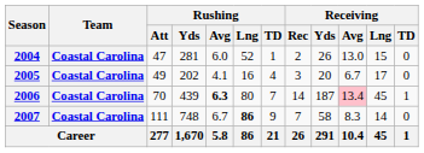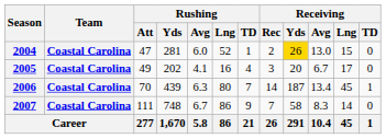 <table class="wikitable" style="text-align:center;">
 <tr>
 <th rowspan="2">Season</th>
 <th rowspan="2">Team</th>
 <th colspan="5">Rushing</th>
 <th colspan="5">Receiving</th>
 </tr>
 <tr>
 <th>Att</th>
 <th>Yds</th>
 <th>Avg</th>
 <th>Lng</th>
 <th>TD</th>
 <th>Rec</th>
 <th>Yds</th>
 <th>Avg</th>
 <th>Lng</th>
 <th>TD</th>
 </tr>
 <tr>
 <th><a href='#'>2004</a></th>
 <th><a href='#'>Coastal Carolina</a></th>
 <td>47</td>
 <td>281</td>
 <td>6.0</td>
 <td>52</td>
 <td>1</td>
 <td>2</td>
-<td>26</td>
+<td style="background: gold;">26</td>
 <td>13.0</td>
 <td>15</td>
 <td>0</td>
 </tr>
 <tr>
 <th><a href='#'>2005</a></th>
 <th><a href='#'>Coastal Carolina</a></th>
 <td>49</td>
 <td>202</td>
 <td>4.1</td>
 <td>16</td>
 <td>4</td>
 <td>3</td>
 <td>20</td>
 <td>6.7</td>
 <td>17</td>
 <td>0</td>
 </tr>
 <tr>
 <th><a href='#'>2006</a></th>
 <th><a href='#'>Coastal Carolina</a></th>
 <td>70</td>
 <td>439</td>
-<td><strong>6.3</strong></td>
+<td>6.3</td>
 <td>80</td>
 <td>7</td>
 <td>14</td>
 <td>187</td>
-<td style="background: pink;">13.4</td>
+<td>13.4</td>
 <td>45</td>
 <td>1</td>
 </tr>
 <tr>
 <th><a href='#'>2007</a></th>
 <th><a href='#'>Coastal Carolina</a></th>
 <td>111</td>
 <td>748</td>
 <td>6.7</td>
-<td><strong>86</strong></td>
+<td>86</td>
 <td>9</td>
 <td>7</td>
 <td>58</td>
 <td>8.3</td>
 <td>14</td>
 <td>0</td>
 </tr>
 <tr>
 <th colspan="2">Career</th>
 <th>277</th>
 <th>1,670</th>
 <th>5.8</th>
 <th>86</th>
 <th>21</th>
 <th>26</th>
 <th>291</th>
 <th>10.4</th>
 <th>45</th>
 <th>1</th>
 </tr>
 </table>
